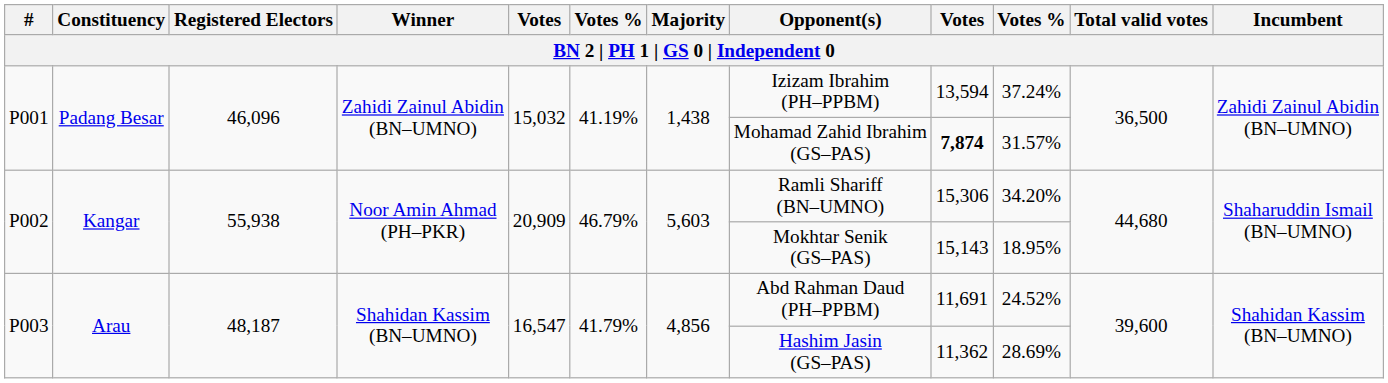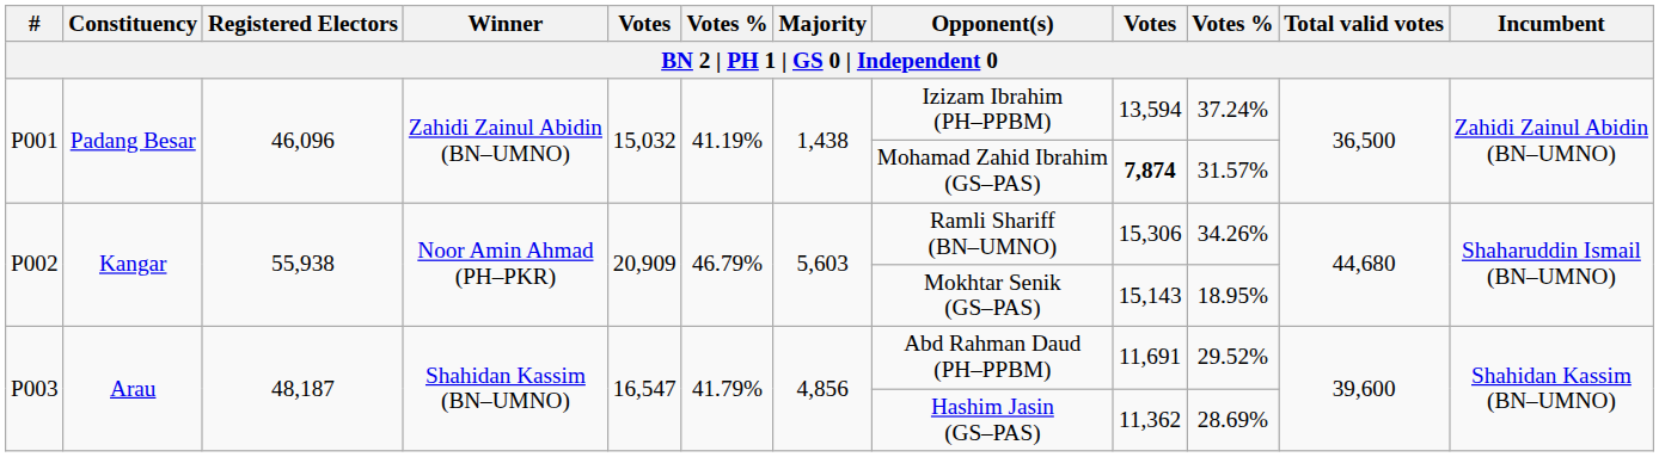 <table class="wikitable sortable" style">
 <tr>
 <th>#</th>
 <th>Constituency</th>
 <th>Registered Electors</th>
 <th>Winner</th>
 <th>Votes</th>
 <th>Votes %</th>
 <th>Majority</th>
 <th>Opponent(s)</th>
 <th>Votes</th>
 <th>Votes %</th>
 <th>Total valid votes</th>
 <th>Incumbent</th>
 </tr>
 <tr>
 <th colspan="13"><a href='#'>BN</a> <strong>2</strong> | <a href='#'>PH</a> <strong>1</strong> | <a href='#'>GS</a> <strong>0</strong> | <a href='#'>Independent</a> <strong>0</strong></th>
 </tr>
 <tr align="center">
 <td rowspan=2>P001</td>
 <td rowspan=2><a href='#'>Padang Besar</a></td>
 <td rowspan=2>46,096</td>
 <td rowspan=2><a href='#'>Zahidi Zainul Abidin</a><br>(BN–UMNO)</td>
 <td rowspan=2>15,032</td>
 <td rowspan=2>41.19%</td>
 <td rowspan=2>1,438</td>
 <td>Izizam Ibrahim<br>(PH–PPBM)</td>
 <td>13,594</td>
 <td>37.24%</td>
 <td rowspan=2>36,500</td>
 <td rowspan=2><a href='#'>Zahidi Zainul Abidin</a><br>(BN–UMNO)</td>
 </tr>
 <tr align="center">
 <td>Mohamad Zahid Ibrahim<br>(GS–PAS)</td>
 <td><strong>7,874</strong></td>
 <td>31.57%</td>
 </tr>
 <tr align="center">
 <td rowspan=2>P002</td>
 <td rowspan=2><a href='#'>Kangar</a></td>
 <td rowspan=2>55,938</td>
 <td rowspan=2><a href='#'>Noor Amin Ahmad</a><br>(PH–PKR)</td>
 <td rowspan=2>20,909</td>
 <td rowspan=2>46.79%</td>
 <td rowspan=2>5,603</td>
 <td>Ramli Shariff<br>(BN–UMNO)</td>
 <td>15,306</td>
-<td>34.20%</td>
+<td>34.26%</td>
 <td rowspan=2>44,680</td>
 <td rowspan=2><a href='#'>Shaharuddin Ismail</a><br>(BN–UMNO)</td>
 </tr>
 <tr align="center">
 <td>Mokhtar Senik<br>(GS–PAS)</td>
 <td>15,143</td>
 <td>18.95%</td>
 </tr>
 <tr align="center">
 <td rowspan=2>P003</td>
 <td rowspan=2><a href='#'>Arau</a></td>
 <td rowspan=2>48,187</td>
 <td rowspan=2><a href='#'>Shahidan Kassim</a><br>(BN–UMNO)</td>
 <td rowspan=2>16,547</td>
 <td rowspan=2>41.79%</td>
 <td rowspan=2>4,856</td>
 <td>Abd Rahman Daud<br>(PH–PPBM)</td>
 <td>11,691</td>
-<td>24.52%</td>
+<td>29.52%</td>
 <td rowspan=2>39,600</td>
 <td rowspan=2><a href='#'>Shahidan Kassim</a><br>(BN–UMNO)</td>
 </tr>
 <tr align="center">
 <td><a href='#'>Hashim Jasin</a><br>(GS–PAS)</td>
 <td>11,362</td>
 <td>28.69%</td>
 </tr>
 </table>
